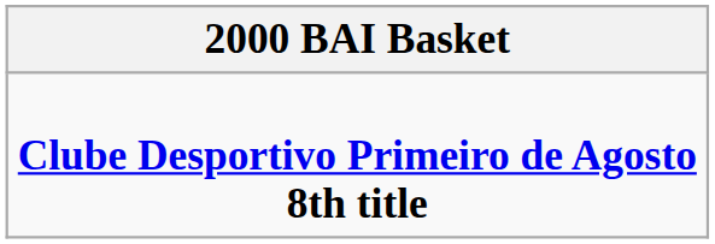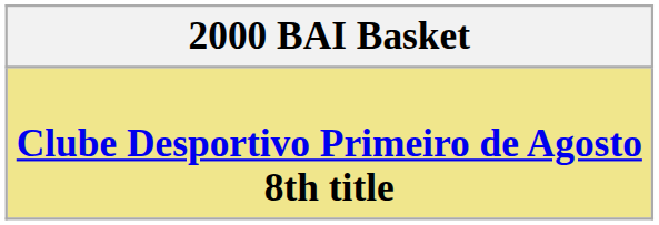 <table class=wikitable style="text-align:center; margin:auto">
 <tr>
 <th>2000 BAI Basket</th>
 </tr>
 <tr>
-<td><br><strong><a href='#'>Clube Desportivo Primeiro de Agosto</a></strong><br><strong>8th title</strong></td>
+<td style="background: khaki;"><br><strong><a href='#'>Clube Desportivo Primeiro de Agosto</a></strong><br><strong>8th title</strong></td>
 </tr>
 </table>
